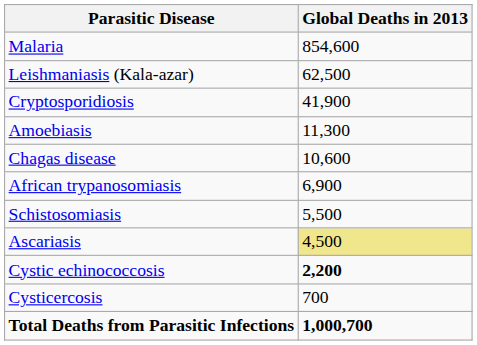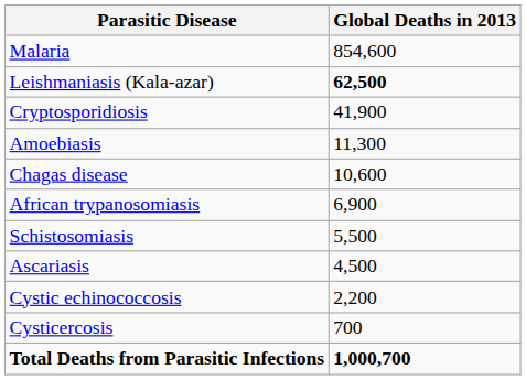 <table class="wikitable">
 <tr>
 <th>Parasitic Disease</th>
 <th>Global Deaths in 2013</th>
 </tr>
 <tr>
 <td><a href='#'>Malaria</a></td>
 <td>854,600</td>
 </tr>
 <tr>
 <td><a href='#'>Leishmaniasis</a> (Kala-azar)</td>
-<td>62,500</td>
+<td><strong>62,500</strong></td>
 </tr>
 <tr>
 <td><a href='#'>Cryptosporidiosis</a></td>
 <td>41,900</td>
 </tr>
 <tr>
 <td><a href='#'>Amoebiasis</a></td>
 <td>11,300</td>
 </tr>
 <tr>
 <td><a href='#'>Chagas disease</a></td>
 <td>10,600</td>
 </tr>
 <tr>
 <td><a href='#'>African trypanosomiasis</a></td>
 <td>6,900</td>
 </tr>
 <tr>
 <td><a href='#'>Schistosomiasis</a></td>
 <td>5,500</td>
 </tr>
 <tr>
 <td><a href='#'>Ascariasis</a></td>
-<td style="background: khaki;">4,500</td>
+<td>4,500</td>
 </tr>
 <tr>
 <td><a href='#'>Cystic echinococcosis</a></td>
-<td><strong>2,200</strong></td>
+<td>2,200</td>
 </tr>
 <tr>
 <td><a href='#'>Cysticercosis</a></td>
 <td>700</td>
 </tr>
 <tr>
 <td><strong>Total Deaths from Parasitic Infections</strong></td>
 <td><strong>1,000,700</strong></td>
 </tr>
 </table>
